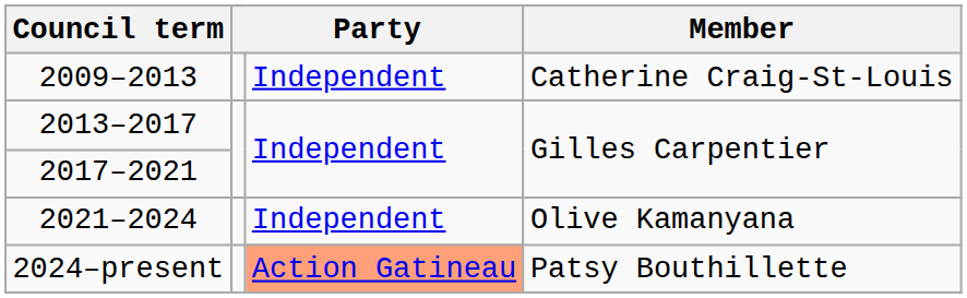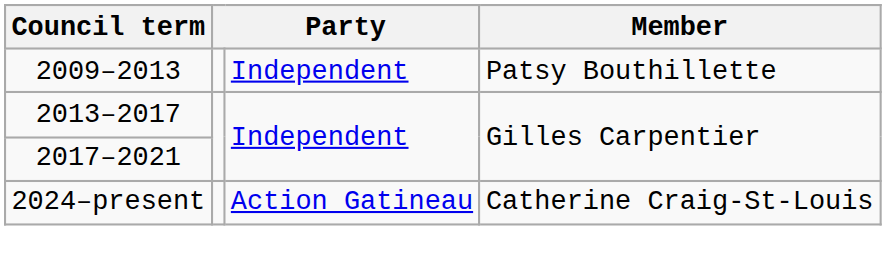 <table class="wikitable">
 <tr>
 <th>Council term</th>
 <th colspan="2">Party</th>
 <th>Member</th>
 </tr>
 <tr>
 <td align="center">2009–2013</td>
 <td style="color:inherit;background-color:"></td>
 <td><a href='#'>Independent</a></td>
-<td>Catherine Craig-St-Louis</td>
+<td>Patsy Bouthillette</td>
 </tr>
 <tr>
 <td align="center">2013–2017</td>
 <td rowspan="2" style="color:inherit;background-color:"></td>
 <td rowspan="2"><a href='#'>Independent</a></td>
 <td rowspan="2">Gilles Carpentier</td>
 </tr>
 <tr>
 <td align="center">2017–2021</td>
 </tr>
 <tr>
-<td align="center">2021–2024</td>
-<td style="color:inherit;background-color:"></td>
-<td><a href='#'>Independent</a></td>
-<td>Olive Kamanyana</td>
-</tr>
-<tr>
 <td align="center">2024–present</td>
 <td style="color:inherit;background-color:"></td>
-<td style="background: lightsalmon;"><a href='#'>Action Gatineau</a></td>
-<td>Patsy Bouthillette</td>
+<td><a href='#'>Action Gatineau</a></td>
+<td>Catherine Craig-St-Louis</td>
 </tr>
 </table>
